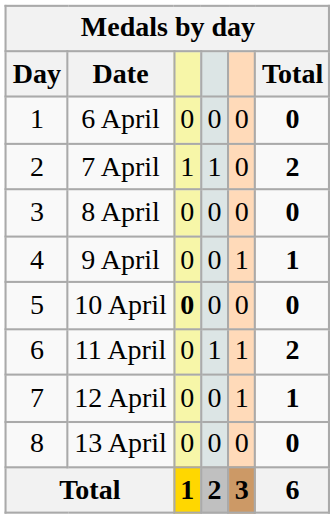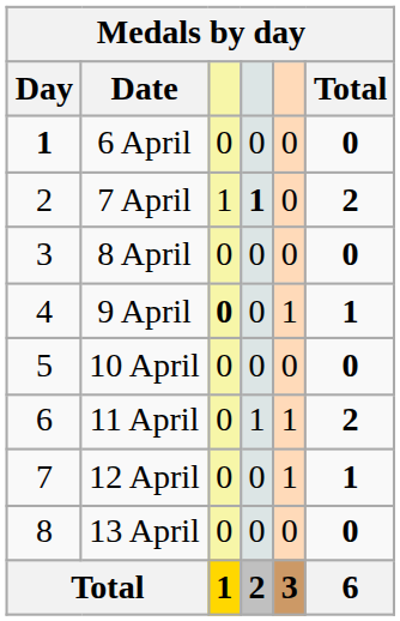 <table class=wikitable style=font-size:85%;float:right;text-align:center>
 <tr style="background:#efefef;">
 <th colspan=6>Medals by day</th>
 </tr>
 <tr>
 <th>Day</th>
 <th>Date</th>
 <td bgcolor=F7F6A8></td>
 <td bgcolor=DCE5E5></td>
 <td bgcolor=FFDAB9></td>
 <th>Total</th>
 </tr>
 <tr>
-<td>1</td>
+<td><strong>1</strong></td>
 <td>6 April</td>
 <td bgcolor=F7F6A8>0</td>
 <td bgcolor=DCE5E5>0</td>
 <td bgcolor=FFDAB9>0</td>
 <td><strong>0</strong></td>
 </tr>
 <tr style="text-align:center">
 <td>2</td>
 <td>7 April</td>
 <td bgcolor=F7F6A8>1</td>
-<td bgcolor=DCE5E5>1</td>
+<td bgcolor=DCE5E5><strong>1</strong></td>
 <td bgcolor=FFDAB9>0</td>
 <td><strong>2</strong></td>
 </tr>
 <tr style="text-align:center">
 <td>3</td>
 <td>8 April</td>
 <td bgcolor=F7F6A8>0</td>
 <td bgcolor=DCE5E5>0</td>
 <td bgcolor=FFDAB9>0</td>
 <td><strong>0</strong></td>
 </tr>
 <tr style="text-align:center">
 <td>4</td>
 <td>9 April</td>
-<td bgcolor=F7F6A8>0</td>
+<td bgcolor=F7F6A8><strong>0</strong></td>
 <td bgcolor=DCE5E5>0</td>
 <td bgcolor=FFDAB9>1</td>
 <td><strong>1</strong></td>
 </tr>
 <tr style="text-align:center">
 <td>5</td>
 <td>10 April</td>
-<td bgcolor=F7F6A8><strong>0</strong></td>
+<td bgcolor=F7F6A8>0</td>
 <td bgcolor=DCE5E5>0</td>
 <td bgcolor=FFDAB9>0</td>
 <td><strong>0</strong></td>
 </tr>
 <tr style="text-align:center">
 <td>6</td>
 <td>11 April</td>
 <td bgcolor=F7F6A8>0</td>
 <td bgcolor=DCE5E5>1</td>
 <td bgcolor=FFDAB9>1</td>
 <td><strong>2</strong></td>
 </tr>
 <tr style="text-align:center">
 <td>7</td>
 <td>12 April</td>
 <td bgcolor=F7F6A8>0</td>
 <td bgcolor=DCE5E5>0</td>
 <td bgcolor=FFDAB9>1</td>
 <td><strong>1</strong></td>
 </tr>
 <tr style="text-align:center">
 <td>8</td>
 <td>13 April</td>
 <td bgcolor=F7F6A8>0</td>
 <td bgcolor=DCE5E5>0</td>
 <td bgcolor=FFDAB9>0</td>
 <td><strong>0</strong></td>
 </tr>
 <tr>
 <th colspan=2>Total</th>
 <th style="background:gold">1</th>
 <th style="background:silver">2</th>
 <th style="background:#c96">3</th>
 <th>6</th>
 </tr>
 </table>
